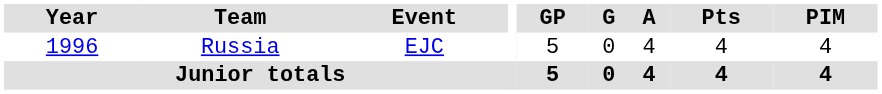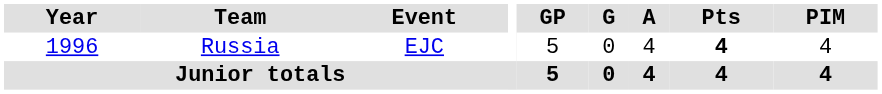 <table border="0" cellpadding="1" cellspacing="0" ID="Table3" style="text-align:center; width:40em">
 <tr bgcolor="#e0e0e0">
 <th>Year</th>
 <th>Team</th>
 <th>Event</th>
 <th rowspan="102" bgcolor="#ffffff"></th>
 <th>GP</th>
 <th>G</th>
 <th>A</th>
 <th>Pts</th>
 <th>PIM</th>
 </tr>
 <tr>
 <td><a href='#'>1996</a></td>
 <td><a href='#'>Russia</a></td>
 <td><a href='#'>EJC</a></td>
 <td>5</td>
 <td>0</td>
 <td>4</td>
-<td>4</td>
+<td><strong>4</strong></td>
 <td>4</td>
 </tr>
 <tr bgcolor="#e0e0e0">
 <th colspan="4">Junior totals</th>
 <th>5</th>
 <th>0</th>
 <th>4</th>
 <th>4</th>
 <th>4</th>
 </tr>
 </table>
